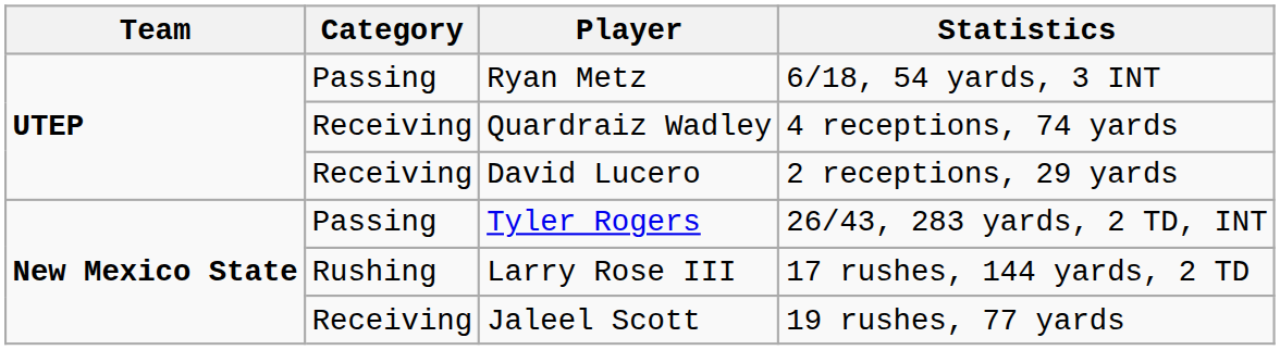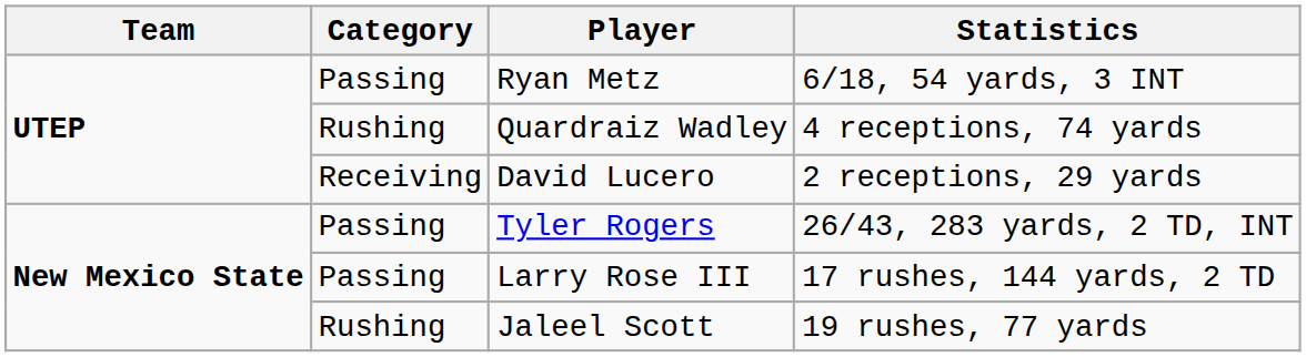 <table class="wikitable" style="float: left;">
 <tr>
 <th>Team</th>
 <th>Category</th>
 <th>Player</th>
 <th>Statistics</th>
 </tr>
 <tr>
 <td rowspan=3><strong>UTEP</strong></td>
 <td>Passing</td>
 <td>Ryan Metz</td>
 <td>6/18, 54 yards, 3 INT</td>
 </tr>
 <tr>
-<td>Receiving</td>
+<td>Rushing</td>
 <td>Quardraiz Wadley</td>
 <td>4 receptions, 74 yards</td>
 </tr>
 <tr>
 <td>Receiving</td>
 <td>David Lucero</td>
 <td>2 receptions, 29 yards</td>
 </tr>
 <tr>
 <td rowspan=3><strong>New Mexico State</strong></td>
 <td>Passing</td>
 <td><a href='#'>Tyler Rogers</a></td>
 <td>26/43, 283 yards, 2 TD, INT</td>
 </tr>
 <tr>
-<td>Rushing</td>
+<td>Passing</td>
 <td>Larry Rose III</td>
 <td>17 rushes, 144 yards, 2 TD</td>
 </tr>
 <tr>
-<td>Receiving</td>
+<td>Rushing</td>
 <td>Jaleel Scott</td>
 <td>19 rushes, 77 yards</td>
 </tr>
 </table>
